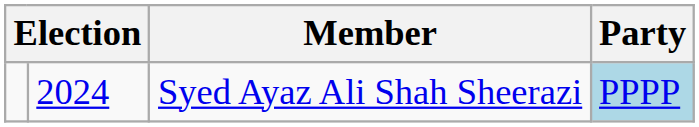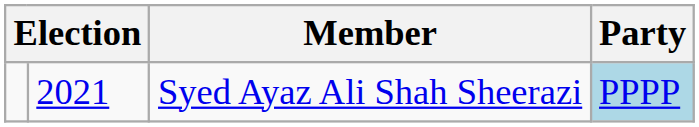 <table class="wikitable">
 <tr>
 <th colspan="2">Election</th>
 <th>Member</th>
 <th>Party</th>
 </tr>
 <tr>
 <td style="background-color: "></td>
-<td><a href='#'>2024</a></td>
+<td><a href='#'>2021</a></td>
 <td><a href='#'>Syed Ayaz Ali Shah Sheerazi</a></td>
 <td style="background: lightblue;"><a href='#'>PPPP</a></td>
 </tr>
 </table>
